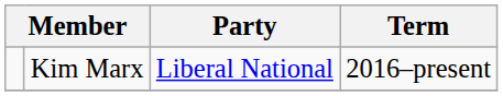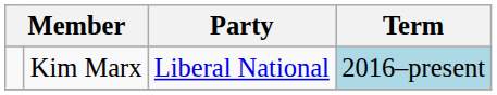 <table class="wikitable">
 <tr>
 <th colspan="2">Member</th>
 <th>Party</th>
 <th>Term</th>
 </tr>
 <tr>
 <td> </td>
 <td>Kim Marx</td>
 <td><a href='#'>Liberal National</a></td>
-<td>2016–present</td>
+<td style="background: lightblue;">2016–present</td>
 </tr>
 <tr>
 </tr>
 </table>
